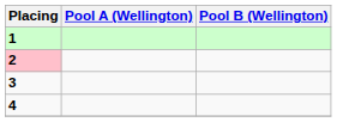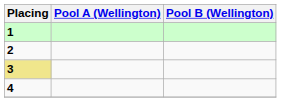 <table class=wikitable style="border:1px solid #AAAAAA;">
 <tr>
 <th>Placing</th>
 <th><a href='#'>Pool A (Wellington)</a></th>
 <th><a href='#'>Pool B (Wellington)</a></th>
 </tr>
 <tr style="background: #ccffcc;">
 <td><strong>1</strong></td>
 <td></td>
 <td></td>
 </tr>
 <tr>
-<td style="background: pink;"><strong>2</strong></td>
+<td><strong>2</strong></td>
 <td></td>
 <td></td>
 </tr>
 <tr>
-<td><strong>3</strong></td>
+<td style="background: khaki;"><strong>3</strong></td>
 <td></td>
 <td></td>
 </tr>
 <tr>
 <td><strong>4</strong></td>
 <td></td>
 <td></td>
 </tr>
 <tr>
 </tr>
 </table>
